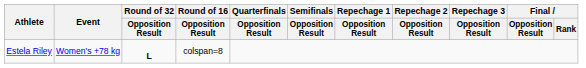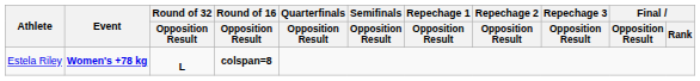 <table class=wikitable style=font-size:90%;text-align:center>
 <tr>
 <th rowspan=2>Athlete</th>
 <th rowspan=2>Event</th>
 <th>Round of 32</th>
 <th>Round of 16</th>
 <th>Quarterfinals</th>
 <th>Semifinals</th>
 <th>Repechage 1</th>
 <th>Repechage 2</th>
 <th>Repechage 3</th>
 <th colspan=2>Final / </th>
 </tr>
 <tr style=font-size:95%>
 <th>Opposition<br>Result</th>
 <th>Opposition<br>Result</th>
 <th>Opposition<br>Result</th>
 <th>Opposition<br>Result</th>
 <th>Opposition<br>Result</th>
 <th>Opposition<br>Result</th>
 <th>Opposition<br>Result</th>
 <th>Opposition<br>Result</th>
 <th>Rank</th>
 </tr>
 <tr>
 <td align=left><a href='#'>Estela Riley</a></td>
-<td align=left><a href='#'>Women's +78 kg</a></td>
+<td align=left><strong><a href='#'>Women's +78 kg</a></strong></td>
 <td><br><strong>L</strong></td>
-<td>colspan=8 </td>
+<td><strong>colspan=8 </strong></td>
 </tr>
 </table>
